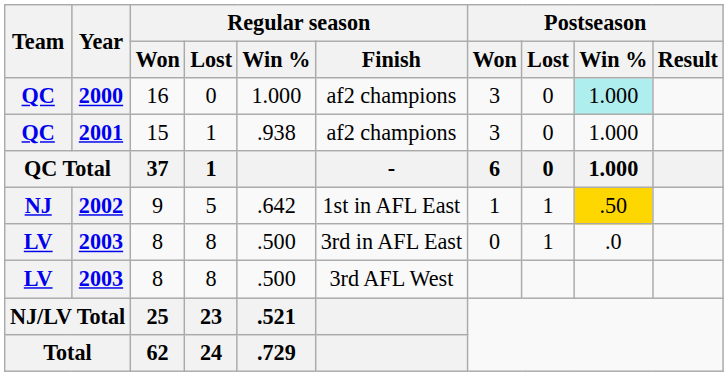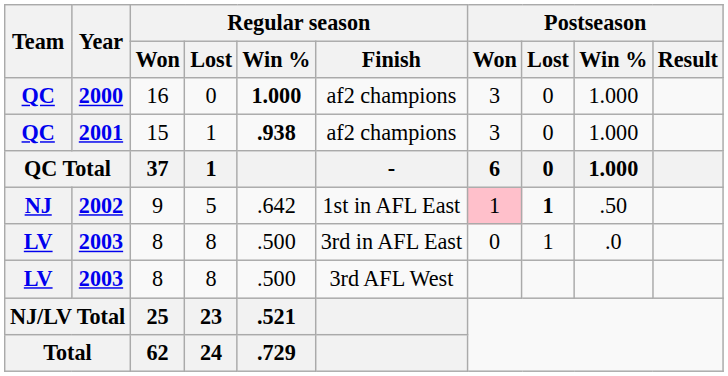 <table class="wikitable" style="font-size: 95%; text-align:center;">
 <tr>
 <th rowspan="2">Team</th>
 <th rowspan="2">Year</th>
 <th colspan="4">Regular season</th>
 <th colspan="4">Postseason</th>
 </tr>
 <tr>
 <th>Won</th>
 <th>Lost</th>
 <th>Win %</th>
 <th>Finish</th>
 <th>Won</th>
 <th>Lost</th>
 <th>Win %</th>
 <th>Result</th>
 </tr>
 <tr>
 <th><a href='#'>QC</a></th>
 <th><a href='#'>2000</a></th>
 <td>16</td>
 <td>0</td>
-<td>1.000</td>
+<td><strong>1.000</strong></td>
 <td>af2 champions</td>
 <td>3</td>
 <td>0</td>
-<td style="background: paleturquoise;">1.000</td>
+<td>1.000</td>
 <td><br></td>
 </tr>
 <tr>
 <th><a href='#'>QC</a></th>
 <th><a href='#'>2001</a></th>
 <td>15</td>
 <td>1</td>
-<td>.938</td>
+<td><strong>.938</strong></td>
 <td>af2 champions</td>
 <td>3</td>
 <td>0</td>
 <td>1.000</td>
 <td><br></td>
 </tr>
 <tr>
 <th colspan="2">QC Total</th>
 <th>37</th>
 <th>1</th>
 <th></th>
 <th>-</th>
 <th>6</th>
 <th>0</th>
 <th>1.000</th>
 <th></th>
 </tr>
 <tr>
 <th><a href='#'>NJ</a></th>
 <th><a href='#'>2002</a></th>
 <td>9</td>
 <td>5</td>
 <td>.642</td>
 <td>1st in AFL East</td>
-<td>1</td>
-<td>1</td>
-<td style="background: gold;">.50</td>
+<td style="background: pink;">1</td>
+<td><strong>1</strong></td>
+<td>.50</td>
 <td></td>
 </tr>
 <tr>
 <th><a href='#'>LV</a></th>
 <th><a href='#'>2003</a></th>
 <td>8</td>
 <td>8</td>
 <td>.500</td>
 <td>3rd in AFL East</td>
 <td>0</td>
 <td>1</td>
 <td>.0</td>
 <td></td>
 </tr>
 <tr>
 <th><a href='#'>LV</a></th>
 <th><a href='#'>2003</a></th>
 <td>8</td>
 <td>8</td>
 <td>.500</td>
 <td>3rd AFL West</td>
 <td></td>
 <td></td>
 <td></td>
 <td></td>
 </tr>
 <tr>
 <th colspan="2">NJ/LV Total</th>
 <th>25</th>
 <th>23</th>
 <th {{Winning percentage>.521</th>
 <th></th>
 </tr>
 <tr>
 <th colspan="2">Total</th>
 <th>62</th>
 <th>24</th>
 <th>.729</th>
 <th></th>
 </tr>
 </table>
